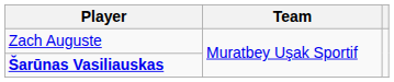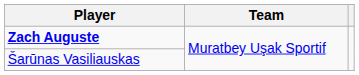 <table class="wikitable sortable">
 <tr>
 <th style="width:200px;">Player</th>
 <th style="width:180px;">Team</th>
 <th></th>
 </tr>
 <tr>
-<td> <a href='#'>Zach Auguste</a></td>
+<td><strong> <a href='#'>Zach Auguste</a></strong></td>
 <td rowspan="2"> <a href='#'>Muratbey Uşak Sportif</a></td>
 <td rowspan="2" style="text-align:center;"></td>
 </tr>
 <tr>
-<td><strong> <a href='#'>Šarūnas Vasiliauskas</a></strong></td>
+<td> <a href='#'>Šarūnas Vasiliauskas</a></td>
 </tr>
 </table>
